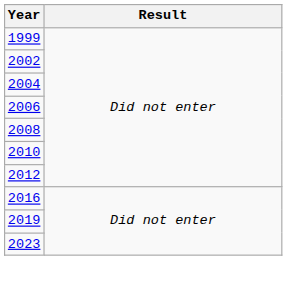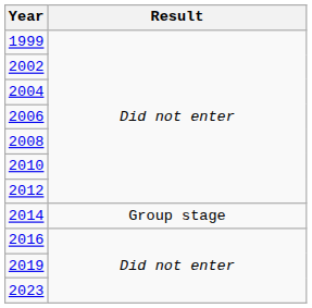 <table class="wikitable" style="text-align: center; font-size:90%">
 <tr>
 <th>Year</th>
 <th style="width:200px">Result</th>
 </tr>
 <tr>
 <td> <a href='#'>1999</a></td>
 <td rowspan="7"><em>Did not enter</em></td>
 </tr>
 <tr>
 <td> <a href='#'>2002</a></td>
 </tr>
 <tr>
 <td> <a href='#'>2004</a></td>
 </tr>
 <tr>
 <td> <a href='#'>2006</a></td>
 </tr>
 <tr>
 <td> <a href='#'>2008</a></td>
 </tr>
 <tr>
 <td> <a href='#'>2010</a></td>
 </tr>
 <tr>
 <td> <a href='#'>2012</a></td>
 </tr>
 <tr>
+<td> <a href='#'>2014</a></td>
+<td>Group stage</td>
+</tr>
+<tr>
 <td> <a href='#'>2016</a></td>
 <td rowspan="3"><em>Did not enter</em></td>
 </tr>
 <tr>
 <td> <a href='#'>2019</a></td>
 </tr>
 <tr>
 <td> <a href='#'>2023</a></td>
 </tr>
 </table>
